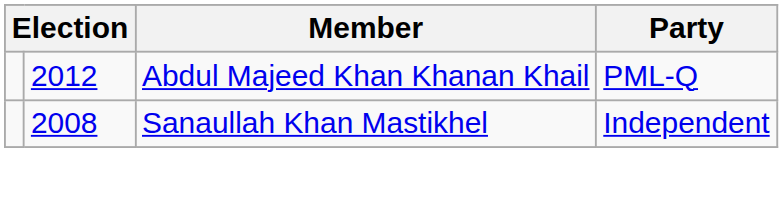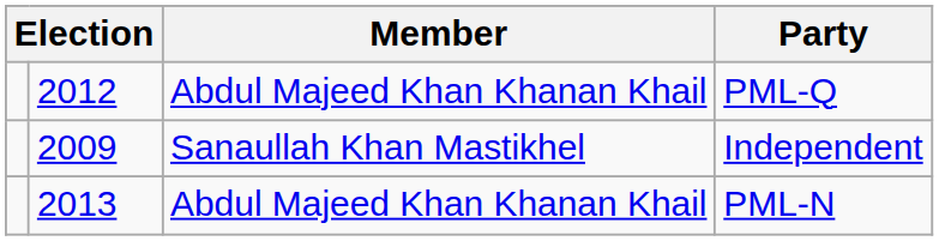 <table class="wikitable">
 <tr>
 <th colspan="2">Election</th>
 <th>Member</th>
 <th>Party</th>
 </tr>
 <tr>
 <td style="background-color: "></td>
 <td><a href='#'>2012</a></td>
 <td><a href='#'>Abdul Majeed Khan Khanan Khail</a></td>
 <td><a href='#'>PML-Q</a></td>
 </tr>
 <tr>
 <td style="background-color: "></td>
-<td><a href='#'>2008</a></td>
+<td><a href='#'>2009</a></td>
 <td><a href='#'>Sanaullah Khan Mastikhel</a></td>
 <td><a href='#'>Independent</a></td>
 </tr>
+<tr>
+<td style="background-color: "></td>
+<td><a href='#'>2013</a></td>
+<td><a href='#'>Abdul Majeed Khan Khanan Khail</a></td>
+<td><a href='#'>PML-N</a></td>
+</tr>
 </table>
